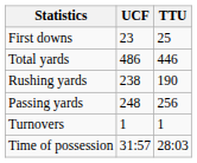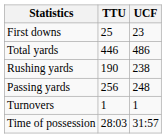 <table class="wikitable" style="float: left;">
 <tr>
 <th>Statistics</th>
+<th>TTU</th>
 <th>UCF</th>
-<th>TTU</th>
 </tr>
 <tr>
 <td>First downs</td>
+<td>25</td>
 <td>23</td>
-<td>25</td>
 </tr>
 <tr>
 <td>Total yards</td>
+<td>446</td>
 <td>486</td>
-<td>446</td>
 </tr>
 <tr>
 <td>Rushing yards</td>
+<td>190</td>
 <td>238</td>
-<td>190</td>
 </tr>
 <tr>
 <td>Passing yards</td>
+<td>256</td>
 <td>248</td>
-<td>256</td>
 </tr>
 <tr>
 <td>Turnovers</td>
 <td>1</td>
 <td>1</td>
 </tr>
 <tr>
 <td>Time of possession</td>
+<td>28:03</td>
 <td>31:57</td>
-<td>28:03</td>
 </tr>
 </table>
